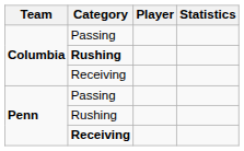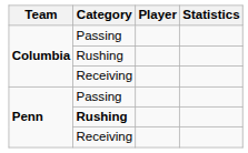 <table class="wikitable" style="float: right;">
 <tr>
 <th>Team</th>
 <th>Category</th>
 <th>Player</th>
 <th>Statistics</th>
 </tr>
 <tr>
 <td rowspan=3><strong>Columbia</strong></td>
 <td>Passing</td>
 <td></td>
 <td></td>
 </tr>
 <tr>
-<td><strong>Rushing</strong></td>
+<td>Rushing</td>
 <td></td>
 <td></td>
 </tr>
 <tr>
 <td>Receiving</td>
 <td></td>
 <td></td>
 </tr>
 <tr>
 <td rowspan=3><strong>Penn</strong></td>
 <td>Passing</td>
 <td></td>
 <td></td>
 </tr>
 <tr>
-<td>Rushing</td>
+<td><strong>Rushing</strong></td>
 <td></td>
 <td></td>
 </tr>
 <tr>
-<td><strong>Receiving</strong></td>
+<td>Receiving</td>
 <td></td>
 <td></td>
 </tr>
 </table>
